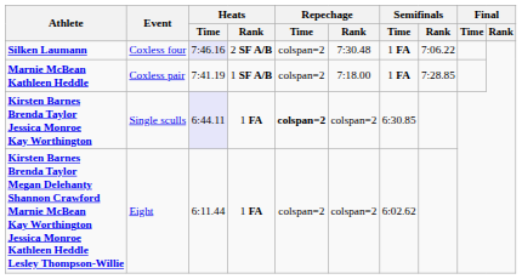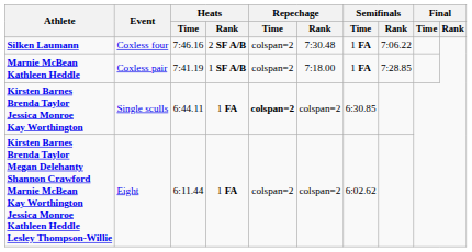 <table class="wikitable" style="font-size:90%">
 <tr>
 <th rowspan="2">Athlete</th>
 <th rowspan="2">Event</th>
 <th colspan="2">Heats</th>
 <th colspan="2">Repechage</th>
 <th colspan="2">Semifinals</th>
 <th colspan="2">Final</th>
 </tr>
 <tr style="font-size:95%">
 <th>Time</th>
 <th>Rank</th>
 <th>Time</th>
 <th>Rank</th>
 <th>Time</th>
 <th>Rank</th>
 <th>Time</th>
 <th>Rank</th>
 </tr>
 <tr align=center>
 <td align=left><strong><a href='#'>Silken Laumann</a></strong></td>
 <td align=left><a href='#'>Coxless four</a></td>
-<td style="background: lavender;">7:46.16</td>
+<td>7:46.16</td>
 <td>2 <strong>SF A/B</strong></td>
 <td>colspan=2</td>
 <td>7:30.48</td>
 <td>1 <strong>FA</strong></td>
 <td>7:06.22</td>
 <td></td>
 </tr>
 <tr align=center>
 <td align=left><strong><a href='#'>Marnie McBean</a><br><a href='#'>Kathleen Heddle</a></strong></td>
 <td align=left><a href='#'>Coxless pair</a></td>
 <td>7:41.19</td>
 <td>1 <strong>SF A/B</strong></td>
 <td>colspan=2</td>
 <td>7:18.00</td>
 <td>1 <strong>FA</strong></td>
 <td>7:28.85</td>
 <td></td>
 </tr>
 <tr align=center>
 <td align=left><strong><a href='#'>Kirsten Barnes</a><br><a href='#'>Brenda Taylor</a><br><a href='#'>Jessica Monroe</a><br><a href='#'>Kay Worthington</a></strong></td>
 <td align=left><a href='#'>Single sculls</a></td>
-<td style="background: lavender;">6:44.11</td>
+<td>6:44.11</td>
 <td>1 <strong>FA</strong></td>
 <td><strong>colspan=2</strong></td>
 <td>colspan=2</td>
 <td>6:30.85</td>
 <td></td>
 </tr>
 <tr align=center>
 <td align=left><strong><a href='#'>Kirsten Barnes</a><br><a href='#'>Brenda Taylor</a><br><a href='#'>Megan Delehanty</a><br><a href='#'>Shannon Crawford</a><br><a href='#'>Marnie McBean</a><br><a href='#'>Kay Worthington</a><br><a href='#'>Jessica Monroe</a><br><a href='#'>Kathleen Heddle</a><br><a href='#'>Lesley Thompson-Willie</a></strong></td>
 <td align=left><a href='#'>Eight</a></td>
 <td>6:11.44</td>
 <td>1 <strong>FA</strong></td>
 <td>colspan=2</td>
 <td>colspan=2</td>
 <td>6:02.62</td>
 <td></td>
 </tr>
 </table>
